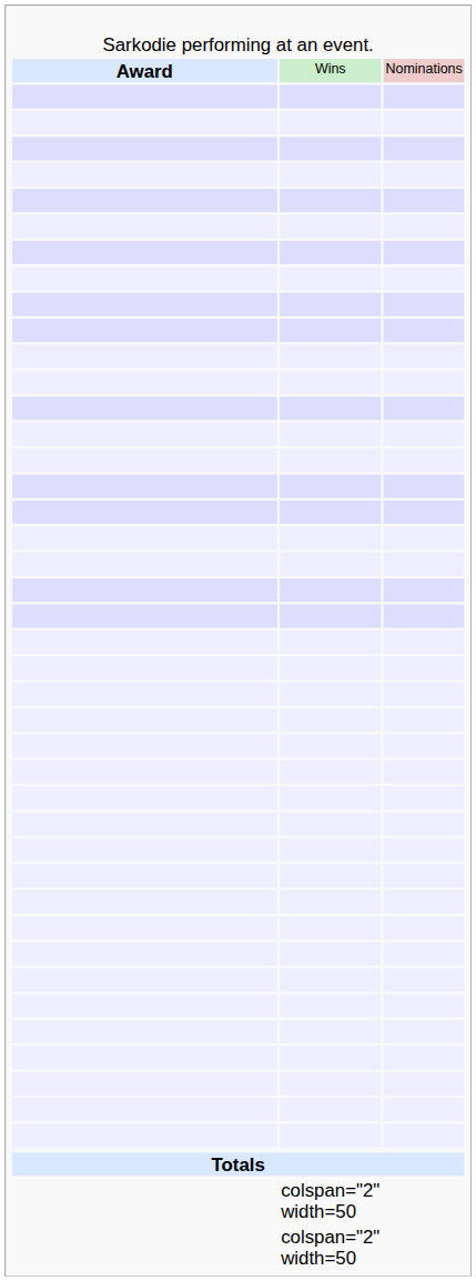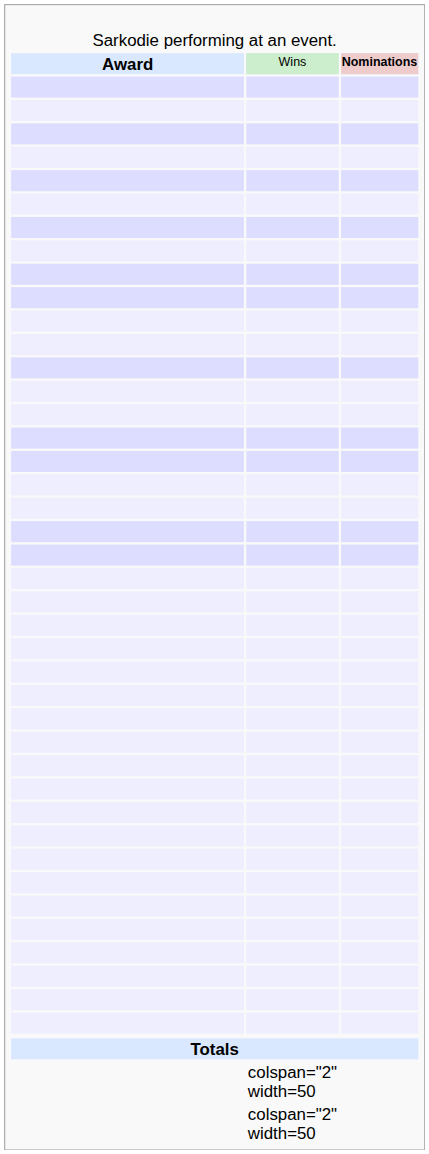 <table class="infobox" style="width: 25em; text-align: left; font-size: 90%; vertical-align: middle;">
 <tr>
 <td colspan="3" style="text-align:center;"><br>Sarkodie performing at an event.</td>
 </tr>
 <tr bgcolor=#D9E8FF style="text-align:center;">
 <th style="vertical-align: middle;">Award</th>
 <td style="background:#cceecc; font-size:8pt;" width="60px">Wins</td>
-<td style="background:#eecccc; font-size:8pt;" width="60px">Nominations</td>
+<td style="background:#eecccc; font-size:8pt;" width="60px"><strong>Nominations</strong></td>
 </tr>
 <tr bgcolor=#ddddff>
 <td align="center"><br></td>
 <td></td>
 <td></td>
 </tr>
 <tr bgcolor=#eeeeff>
 <td align="center"><br></td>
 <td></td>
 <td></td>
 </tr>
 <tr bgcolor=#ddddff>
 <td align="center"><br></td>
 <td></td>
 <td></td>
 </tr>
 <tr bgcolor=#eeeeff>
 <td align="center"><br></td>
 <td></td>
 <td></td>
 </tr>
 <tr bgcolor=#ddddff>
 <td align="center"><br></td>
 <td></td>
 <td></td>
 </tr>
 <tr bgcolor=#eeeeff>
 <td align="center"><br></td>
 <td></td>
 <td></td>
 </tr>
 <tr bgcolor=#ddddff>
 <td align="center"><br></td>
 <td></td>
 <td></td>
 </tr>
 <tr bgcolor=#eeeeff>
 <td align="center"><br></td>
 <td></td>
 <td></td>
 </tr>
 <tr bgcolor=#ddddff>
 <td align="center"><br></td>
 <td></td>
 <td></td>
 </tr>
 <tr bgcolor=#ddddff>
 <td align="center"><br></td>
 <td></td>
 <td></td>
 </tr>
 <tr bgcolor=#eeeeff>
 <td align="center"><br></td>
 <td></td>
 <td></td>
 </tr>
 <tr bgcolor=#eeeeff>
 <td align="center"><br></td>
 <td></td>
 <td></td>
 </tr>
 <tr bgcolor=#ddddff>
 <td align="center"><br></td>
 <td></td>
 <td></td>
 </tr>
 <tr bgcolor=#eeeeff>
 <td align="center"><br></td>
 <td></td>
 <td></td>
 </tr>
 <tr bgcolor=#eeeeff>
 <td align="center"><br></td>
 <td></td>
 <td></td>
 </tr>
 <tr bgcolor=#ddddff>
 <td align="center"><br></td>
 <td></td>
 <td></td>
 </tr>
 <tr bgcolor=#ddddff>
 <td align="center"><br></td>
 <td></td>
 <td></td>
 </tr>
 <tr bgcolor=#eeeeff>
 <td align="center"><br></td>
 <td></td>
 <td></td>
 </tr>
 <tr bgcolor=#eeeeff>
 <td align="center"><br></td>
 <td></td>
 <td></td>
 </tr>
 <tr bgcolor=#ddddff>
 <td align="center"><br></td>
 <td></td>
 <td></td>
 </tr>
 <tr bgcolor=#ddddff>
 <td align="center"><br></td>
 <td></td>
 <td></td>
 </tr>
 <tr bgcolor=#eeeeff>
 <td align="center"><br></td>
 <td></td>
 <td></td>
 </tr>
 <tr bgcolor=#eeeeff>
 <td align="centre"><br></td>
 <td></td>
 <td></td>
 </tr>
 <tr bgcolor=#eeeeff>
 <td align="centre"><br></td>
 <td></td>
 <td></td>
 </tr>
 <tr bgcolor=#eeeeff>
 <td align="centre"><br></td>
 <td></td>
 <td></td>
 </tr>
 <tr bgcolor=#eeeeff>
 <td align="centre"><br></td>
 <td></td>
 <td></td>
 </tr>
 <tr bgcolor=#eeeeff>
 <td align="centre"><br></td>
 <td></td>
 <td></td>
 </tr>
 <tr bgcolor=#eeeeff>
 <td align="centre"><br></td>
 <td></td>
 <td></td>
 </tr>
 <tr bgcolor=#eeeeff>
 <td align="centre"><br></td>
 <td></td>
 <td></td>
 </tr>
 <tr bgcolor=#eeeeff>
 <td align="centre"><br></td>
 <td></td>
 <td></td>
 </tr>
 <tr bgcolor=#eeeeff>
 <td align="centre"><br></td>
 <td></td>
 <td></td>
 </tr>
 <tr bgcolor=#eeeeff>
 <td align="centre"><br></td>
 <td></td>
 <td></td>
 </tr>
 <tr bgcolor=#eeeeff>
 <td align="centre"><br></td>
 <td></td>
 <td></td>
 </tr>
 <tr bgcolor=#eeeeff>
 <td align="centre"><br></td>
 <td></td>
 <td></td>
 </tr>
 <tr bgcolor=#eeeeff>
 <td align="centre"><br></td>
 <td></td>
 <td></td>
 </tr>
 <tr bgcolor=#eeeeff>
 <td align="centre"><br></td>
 <td></td>
 <td></td>
 </tr>
 <tr bgcolor=#eeeeff>
 <td align="centre"><br></td>
 <td></td>
 <td></td>
 </tr>
 <tr bgcolor=#eeeeff>
 <td align="centre"><br></td>
 <td></td>
 <td></td>
 </tr>
 <tr bgcolor=#eeeeff>
 <td align="centre"><br></td>
 <td></td>
 <td></td>
 </tr>
 <tr bgcolor=#eeeeff>
 <td align="centre"><br></td>
 <td></td>
 <td></td>
 </tr>
 <tr bgcolor=#eeeeff>
 <td align="centre"><br></td>
 <td></td>
 <td></td>
 </tr>
 <tr bgcolor=#eeeeff>
 </tr>
 <tr bgcolor=#D9E8FF>
 <td colspan="3" style="text-align:center;"><strong>Totals</strong></td>
 </tr>
 <tr>
 <td></td>
 <td>colspan="2" width=50 </td>
 </tr>
 <tr>
 <td></td>
 <td>colspan="2" width=50 </td>
 </tr>
 </table>
